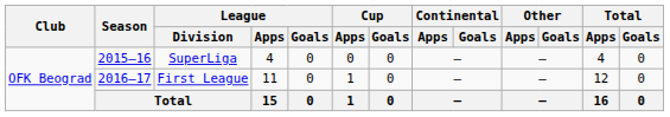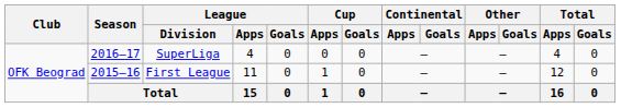 <table class="wikitable" style="text-align: center;font-size:90%">
 <tr>
 <th rowspan="2">Club</th>
 <th rowspan="2">Season</th>
 <th colspan="3">League</th>
 <th colspan="2">Cup</th>
 <th colspan="2">Continental</th>
 <th colspan="2">Other</th>
 <th colspan="2">Total</th>
 </tr>
 <tr>
 <th>Division</th>
 <th>Apps</th>
 <th>Goals</th>
 <th>Apps</th>
 <th>Goals</th>
 <th>Apps</th>
 <th>Goals</th>
 <th>Apps</th>
 <th>Goals</th>
 <th>Apps</th>
 <th>Goals</th>
 </tr>
 <tr>
 <td rowspan="3" valign="center"><a href='#'>OFK Beograd</a></td>
-<td><a href='#'>2015–16</a></td>
+<td><a href='#'>2016–17</a></td>
 <td><a href='#'>SuperLiga</a></td>
 <td>4</td>
 <td>0</td>
 <td>0</td>
 <td>0</td>
 <td colspan="2">—</td>
 <td colspan="2">—</td>
 <td>4</td>
 <td>0</td>
 </tr>
 <tr>
-<td><a href='#'>2016–17</a></td>
+<td><a href='#'>2015–16</a></td>
 <td><a href='#'>First League</a></td>
 <td>11</td>
 <td>0</td>
 <td>1</td>
 <td>0</td>
 <td colspan="2">—</td>
 <td colspan="2">—</td>
 <td>12</td>
 <td>0</td>
 </tr>
 <tr>
 <th colspan="2">Total</th>
 <th>15</th>
 <th>0</th>
 <th>1</th>
 <th>0</th>
 <th colspan="2">—</th>
 <th colspan="2">—</th>
 <th>16</th>
 <th>0</th>
 </tr>
 </table>
